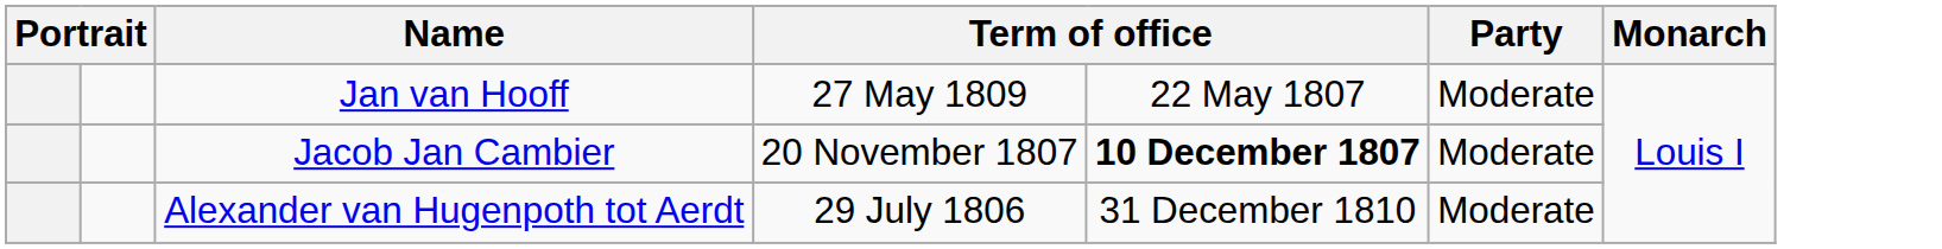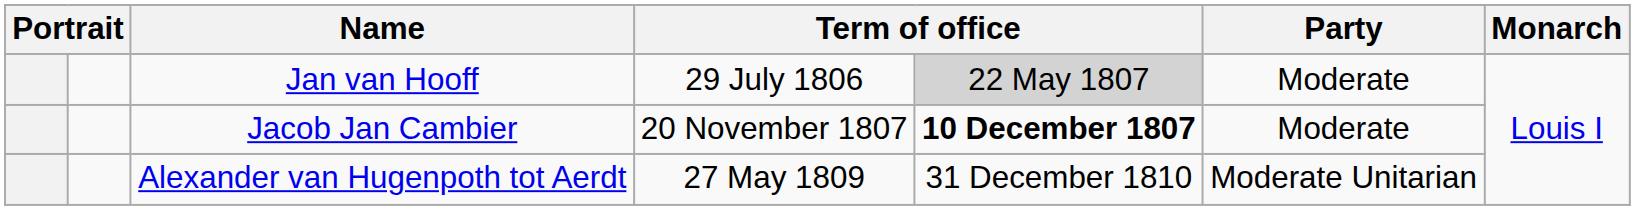 <table class="wikitable" style="text-align:center">
 <tr>
 <th colspan=2>Portrait</th>
 <th>Name</th>
 <th colspan=2>Term of office</th>
 <th>Party</th>
 <th>Monarch</th>
 </tr>
 <tr>
 <th style="background:"></th>
 <td></td>
 <td><a href='#'>Jan van Hooff</a></td>
-<td>27 May 1809</td>
-<td>22 May 1807</td>
+<td>29 July 1806</td>
+<td style="background: lightgrey;">22 May 1807</td>
 <td>Moderate</td>
 <td rowspan=3><a href='#'>Louis I</a></td>
 </tr>
 <tr>
 <th style="background:"></th>
 <td></td>
 <td><a href='#'>Jacob Jan Cambier</a></td>
 <td>20 November 1807</td>
 <td><strong>10 December 1807</strong></td>
 <td>Moderate</td>
 </tr>
 <tr>
 <th style="background:"></th>
 <td></td>
 <td><a href='#'>Alexander van Hugenpoth tot Aerdt</a></td>
-<td>29 July 1806</td>
+<td>27 May 1809</td>
 <td>31 December 1810</td>
-<td>Moderate</td>
+<td>Moderate Unitarian</td>
 </tr>
 </table>
